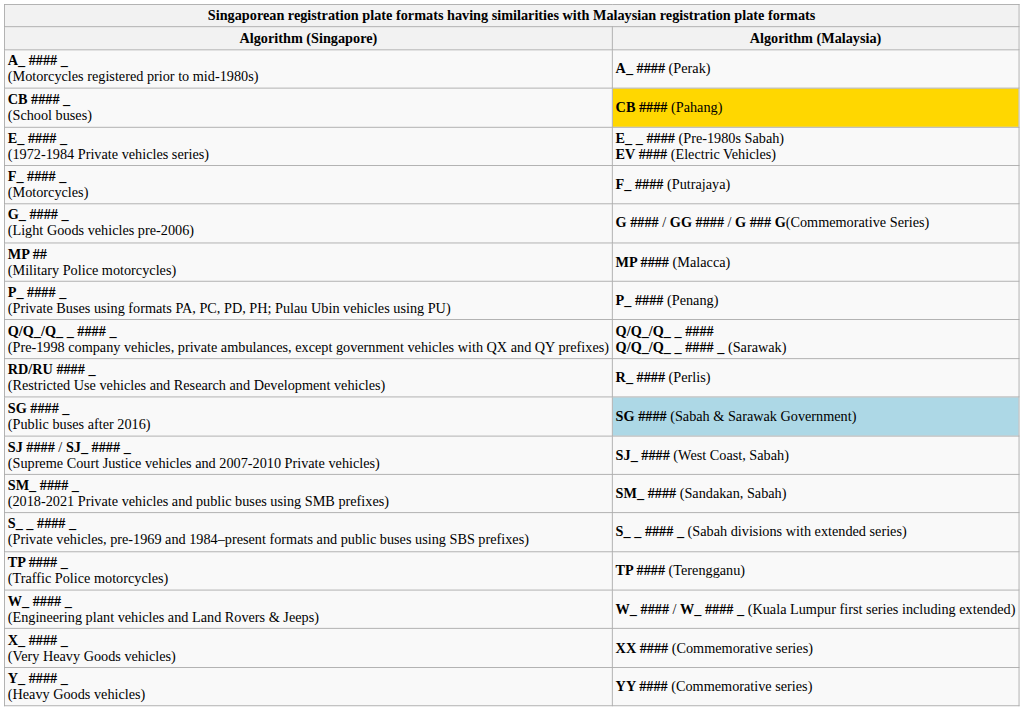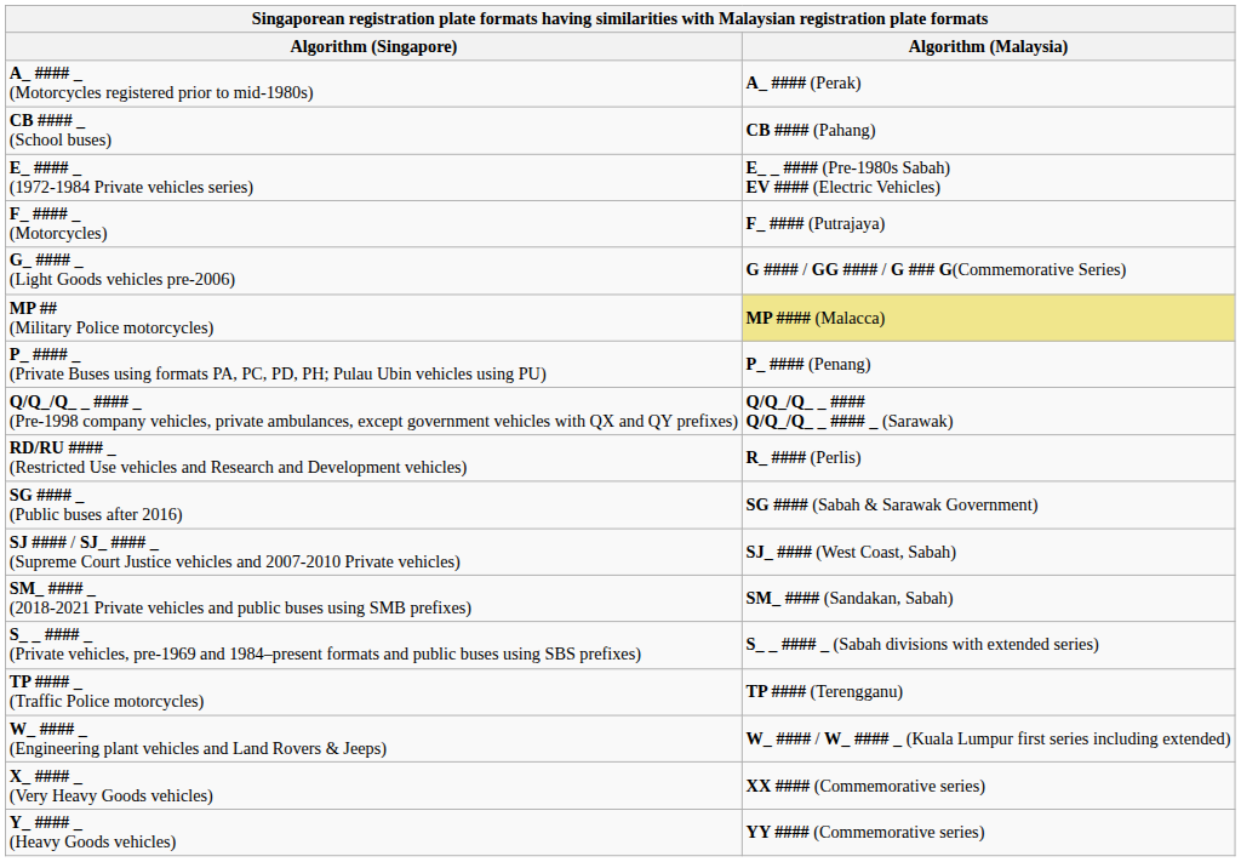 <table class="wikitable">
 <tr>
 <th colspan="3" align="center">Singaporean registration plate formats having similarities with Malaysian registration plate formats</th>
 </tr>
 <tr>
 <th>Algorithm (Singapore)</th>
 <th>Algorithm (Malaysia)</th>
 </tr>
 <tr>
 <td><strong>A_ #### _</strong> <br>(Motorcycles registered prior to mid-1980s)</td>
 <td><strong>A_ ####</strong> (Perak)</td>
 </tr>
 <tr>
 <td><strong>CB #### _</strong><br>(School buses)</td>
-<td style="background: gold;"><strong>CB ####</strong> (Pahang)</td>
+<td><strong>CB ####</strong> (Pahang)</td>
 </tr>
 <tr>
 <td><strong>E_ #### _</strong><br>(1972-1984 Private vehicles series)</td>
 <td><strong>E_ _ ####</strong> (Pre-1980s Sabah)<br><strong>EV ####</strong> (Electric Vehicles)</td>
 </tr>
 <tr>
 <td><strong>F_ #### _</strong><br>(Motorcycles)</td>
 <td><strong>F_ ####</strong> (Putrajaya)</td>
 </tr>
 <tr>
 <td><strong>G_ #### _</strong><br>(Light Goods vehicles pre-2006)</td>
 <td><strong>G ####</strong> / <strong>GG ####</strong> / <strong>G ### G</strong>(Commemorative Series)</td>
 </tr>
 <tr>
 <td><strong>MP ##</strong><br>(Military Police motorcycles)</td>
-<td><strong>MP ####</strong> (Malacca)</td>
+<td style="background: khaki;"><strong>MP ####</strong> (Malacca)</td>
 </tr>
 <tr>
 <td><strong>P_ #### _</strong><br>(Private Buses using formats PA, PC, PD, PH; Pulau Ubin vehicles using PU)</td>
 <td><strong>P_ ####</strong> (Penang)</td>
 </tr>
 <tr>
 <td><strong>Q/Q_/Q_ _ #### _</strong><br>(Pre-1998 company vehicles, private ambulances, except government vehicles with QX and QY prefixes)</td>
 <td><strong>Q/Q_/Q_ _ ####</strong><br><strong>Q/Q_/Q_ _ #### _</strong> (Sarawak)</td>
 </tr>
 <tr>
 <td><strong>RD/RU #### _</strong><br>(Restricted Use vehicles and Research and Development vehicles)</td>
 <td><strong>R_ ####</strong> (Perlis)</td>
 </tr>
 <tr>
 <td><strong>SG #### _</strong><br>(Public buses after 2016)</td>
-<td style="background: lightblue;"><strong>SG ####</strong> (Sabah & Sarawak Government)</td>
+<td><strong>SG ####</strong> (Sabah & Sarawak Government)</td>
 </tr>
 <tr>
 <td><strong>SJ ####</strong> / <strong>SJ_ #### _</strong><br>(Supreme Court Justice vehicles and 2007-2010 Private vehicles)</td>
 <td><strong>SJ_ ####</strong> (West Coast, Sabah)</td>
 </tr>
 <tr>
 <td><strong>SM_ #### _</strong><br>(2018-2021 Private vehicles and public buses using SMB prefixes)</td>
 <td><strong>SM_ ####</strong> (Sandakan, Sabah)</td>
 </tr>
 <tr>
 <td><strong>S_ _ #### _</strong><br>(Private vehicles, pre-1969 and 1984–present formats and public buses using SBS prefixes)</td>
 <td><strong>S_ _ #### _</strong> (Sabah divisions with extended series)</td>
 </tr>
 <tr>
 <td><strong>TP #### _</strong><br>(Traffic Police motorcycles)</td>
 <td><strong>TP ####</strong> (Terengganu)</td>
 </tr>
 <tr>
 <td><strong>W_ #### _</strong><br>(Engineering plant vehicles and Land Rovers & Jeeps)</td>
 <td><strong>W_ ####</strong> / <strong>W_ #### _</strong> (Kuala Lumpur first series including extended)</td>
 </tr>
 <tr>
 <td><strong>X_ #### _</strong><br>(Very Heavy Goods vehicles)</td>
 <td><strong>XX ####</strong> (Commemorative series)</td>
 </tr>
 <tr>
 <td><strong>Y_ #### _</strong><br>(Heavy Goods vehicles)</td>
 <td><strong>YY ####</strong> (Commemorative series)</td>
 </tr>
 </table>
